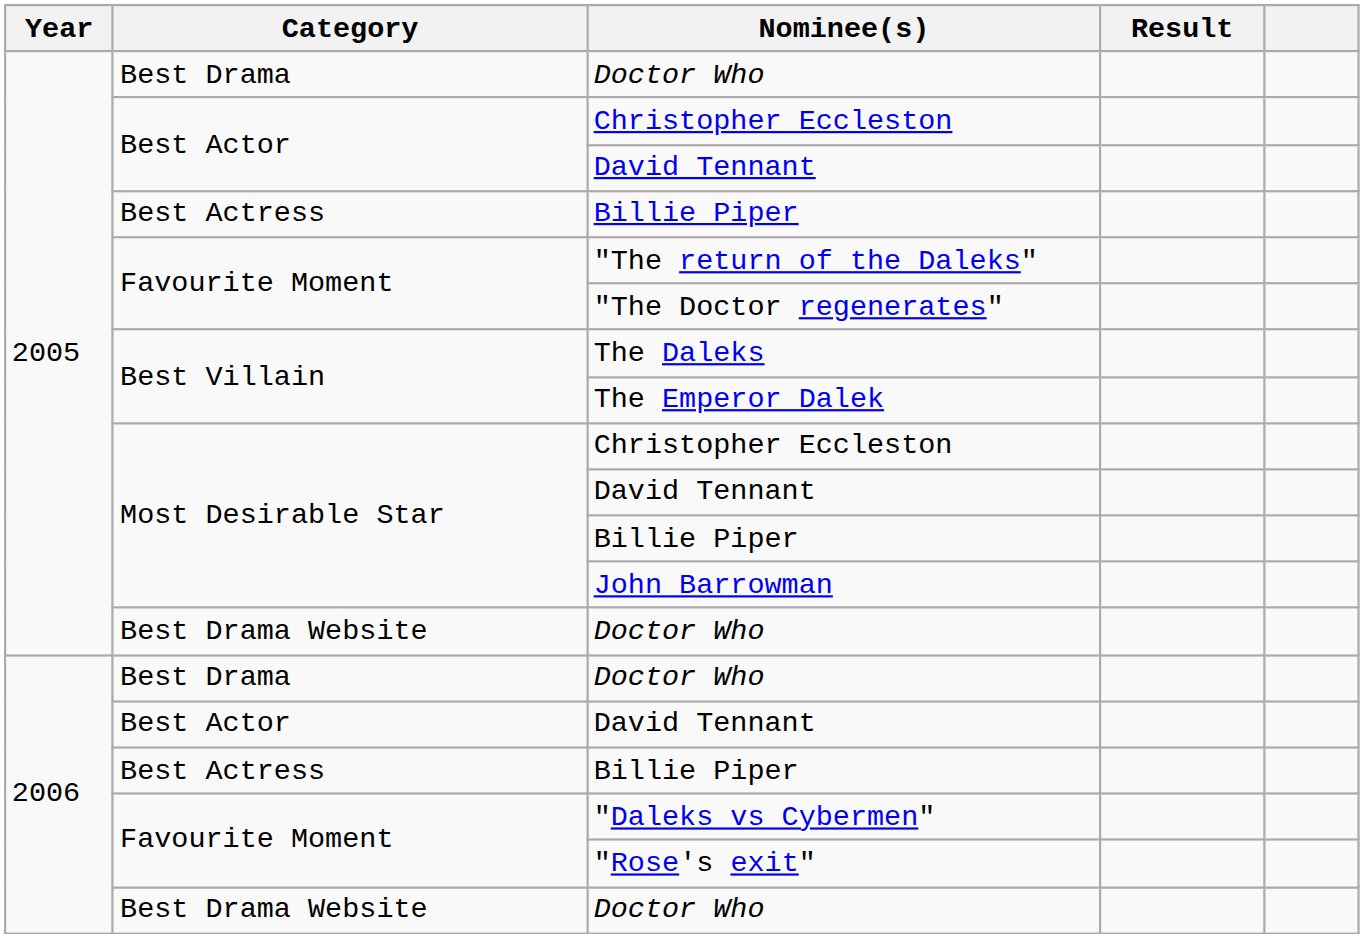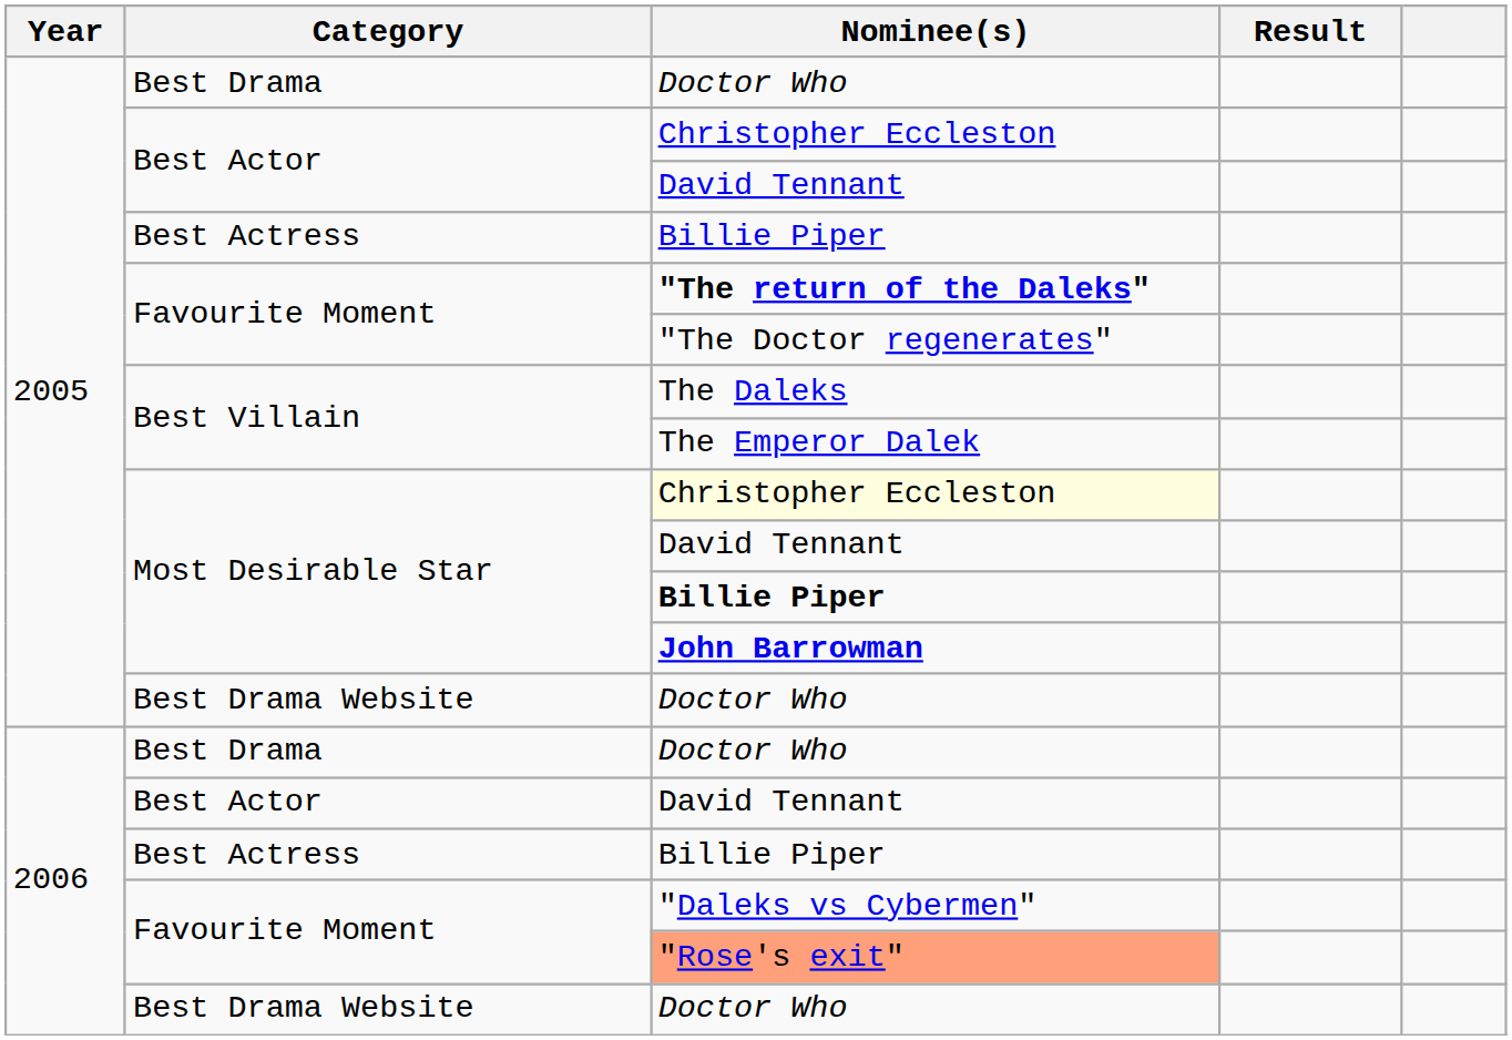 <table class="wikitable" style="width:70%">
 <tr>
 <th style="width:8%">Year</th>
 <th style="width:35%">Category</th>
 <th style="width:38%">Nominee(s)</th>
 <th style="width:12%">Result</th>
 <th style="width:7%"></th>
 </tr>
 <tr>
 <td rowspan="13">2005</td>
 <td>Best Drama</td>
 <td><em>Doctor Who</em></td>
 <td></td>
 <td></td>
 </tr>
 <tr>
 <td rowspan="2">Best Actor</td>
 <td><a href='#'>Christopher Eccleston</a></td>
 <td></td>
 <td></td>
 </tr>
 <tr>
 <td><a href='#'>David Tennant</a></td>
 <td></td>
 <td></td>
 </tr>
 <tr>
 <td>Best Actress</td>
 <td><a href='#'>Billie Piper</a></td>
 <td></td>
 <td></td>
 </tr>
 <tr>
 <td rowspan="2">Favourite Moment</td>
-<td>"The <a href='#'>return of the Daleks</a>"</td>
+<td><strong>"The <a href='#'>return of the Daleks</a>"</strong></td>
 <td></td>
 <td></td>
 </tr>
 <tr>
 <td>"The Doctor <a href='#'>regenerates</a>"</td>
 <td></td>
 <td></td>
 </tr>
 <tr>
 <td rowspan="2">Best Villain</td>
 <td>The <a href='#'>Daleks</a></td>
 <td></td>
 <td></td>
 </tr>
 <tr>
 <td>The <a href='#'>Emperor Dalek</a></td>
 <td></td>
 <td></td>
 </tr>
 <tr>
 <td rowspan="4">Most Desirable Star</td>
-<td>Christopher Eccleston</td>
+<td style="background: lightyellow;">Christopher Eccleston</td>
 <td></td>
 <td></td>
 </tr>
 <tr>
 <td>David Tennant</td>
 <td></td>
 <td></td>
 </tr>
 <tr>
-<td>Billie Piper</td>
+<td><strong>Billie Piper</strong></td>
 <td></td>
 <td></td>
 </tr>
 <tr>
-<td><a href='#'>John Barrowman</a></td>
+<td><strong><a href='#'>John Barrowman</a></strong></td>
 <td></td>
 <td></td>
 </tr>
 <tr>
 <td>Best Drama Website</td>
 <td><em>Doctor Who</em></td>
 <td></td>
 <td></td>
 </tr>
 <tr>
 <td rowspan="6">2006</td>
 <td>Best Drama</td>
 <td><em>Doctor Who</em></td>
 <td></td>
 <td></td>
 </tr>
 <tr>
 <td>Best Actor</td>
 <td>David Tennant</td>
 <td></td>
 <td></td>
 </tr>
 <tr>
 <td>Best Actress</td>
 <td>Billie Piper</td>
 <td></td>
 <td></td>
 </tr>
 <tr>
 <td rowspan="2">Favourite Moment</td>
 <td>"<a href='#'>Daleks vs Cybermen</a>"</td>
 <td></td>
 <td></td>
 </tr>
 <tr>
-<td>"<a href='#'>Rose</a>'s <a href='#'>exit</a>"</td>
+<td style="background: lightsalmon;">"<a href='#'>Rose</a>'s <a href='#'>exit</a>"</td>
 <td></td>
 <td></td>
 </tr>
 <tr>
 <td>Best Drama Website</td>
 <td><em>Doctor Who</em></td>
 <td></td>
 <td></td>
 </tr>
 </table>
